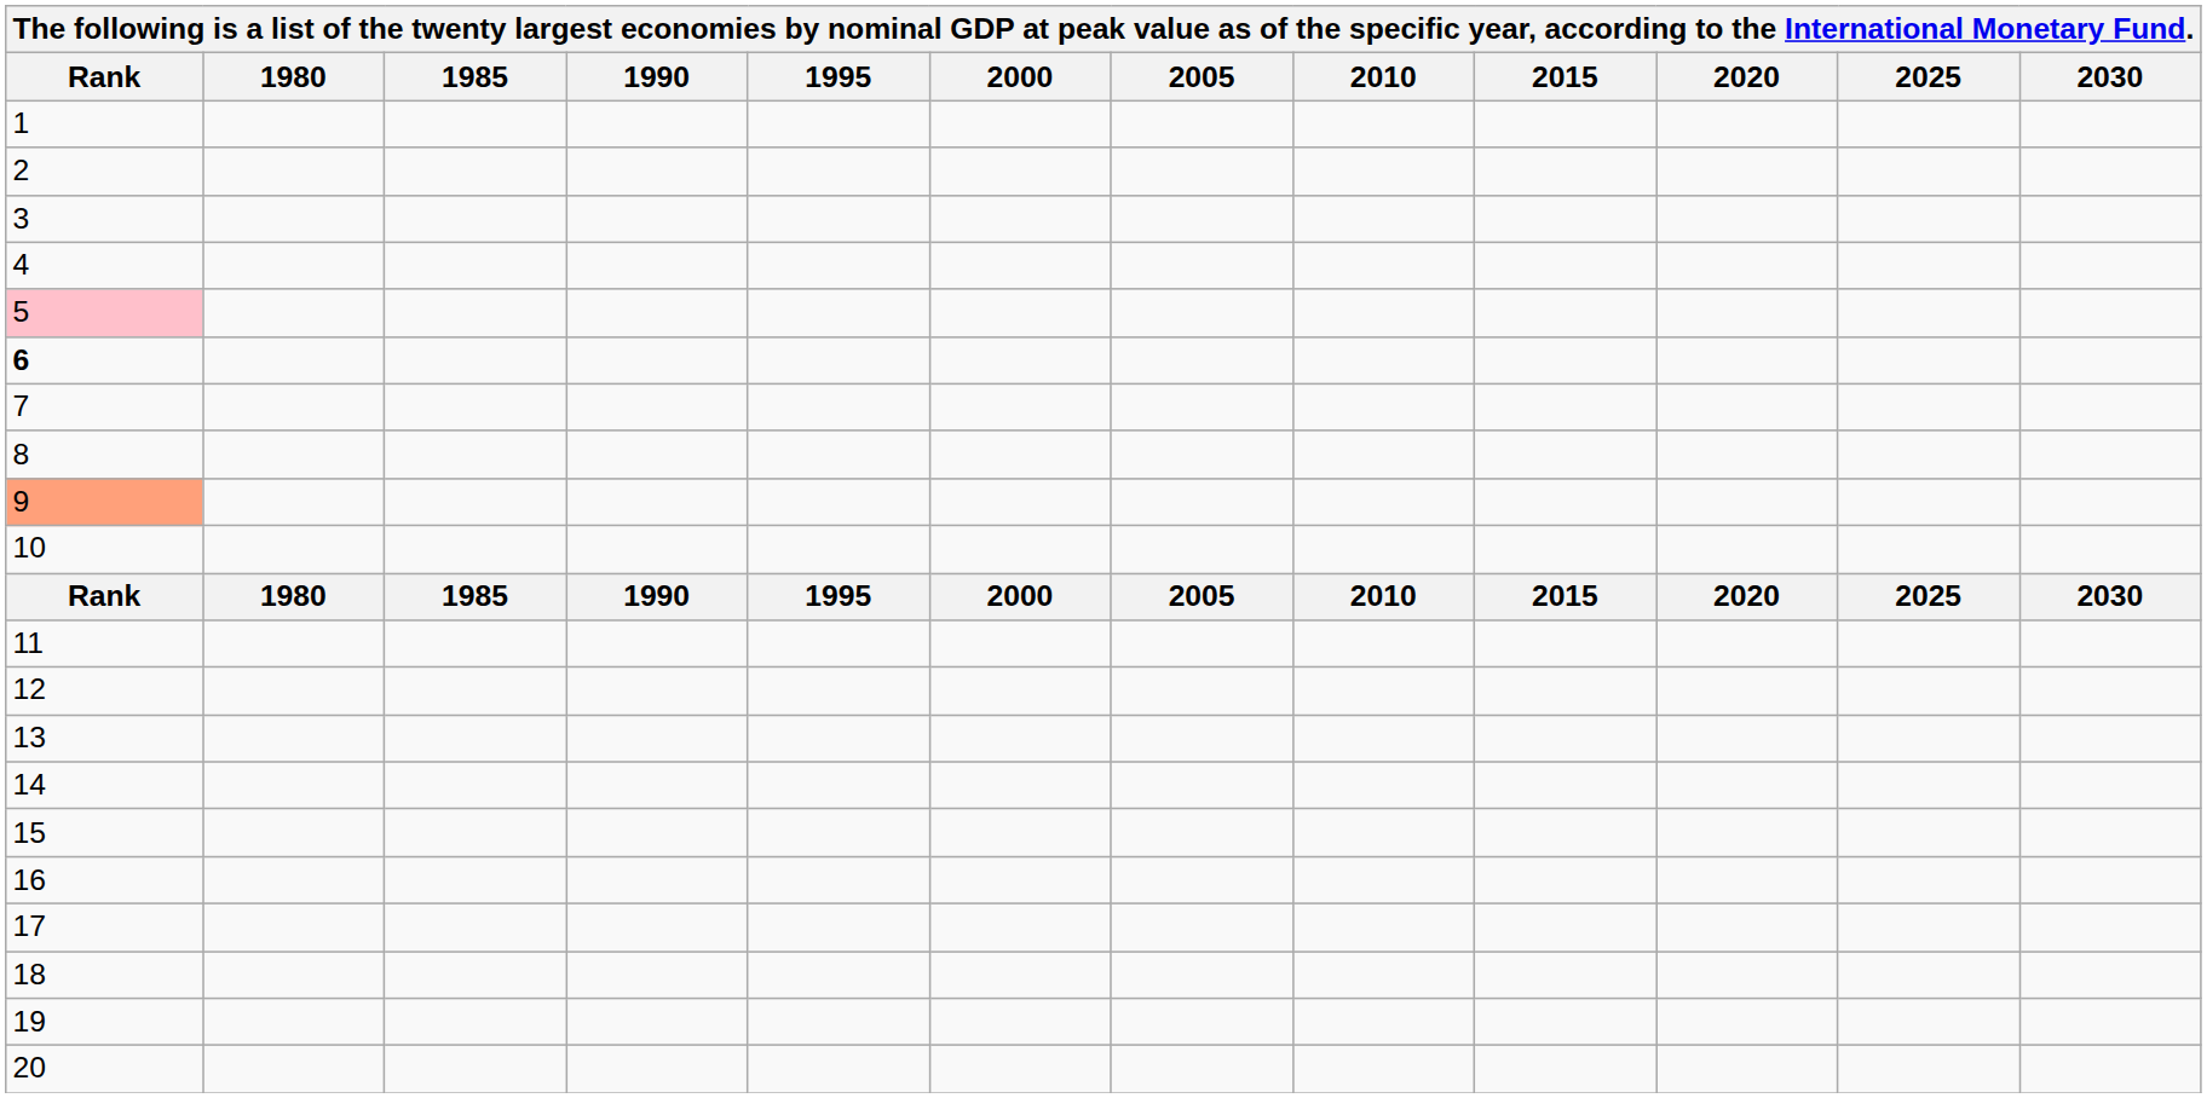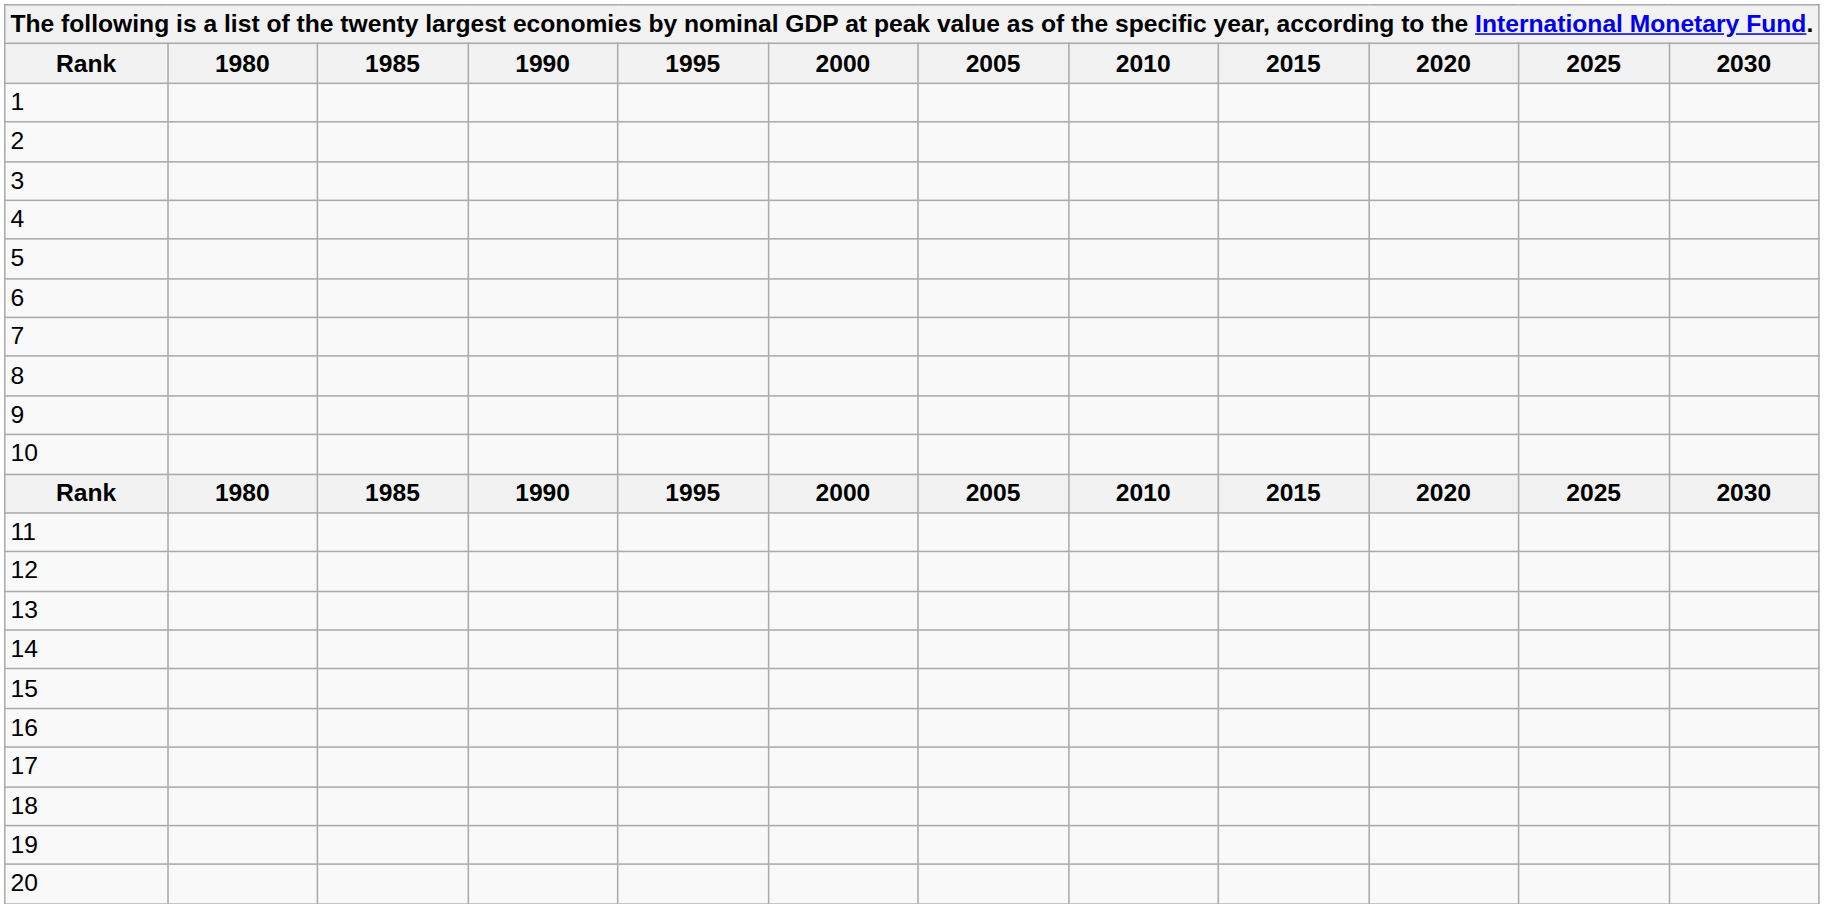 <table class="wikitable mw-collapsible ">
 <tr>
 <th style="text-align:center;" colspan="12">The following is a list of the twenty largest economies by nominal GDP at peak value as of the specific year, according to the <a href='#'>International Monetary Fund</a>.</th>
 </tr>
 <tr>
 <th>Rank</th>
 <th>1980</th>
 <th>1985</th>
 <th>1990</th>
 <th>1995</th>
 <th>2000</th>
 <th>2005</th>
 <th>2010</th>
 <th>2015</th>
 <th>2020</th>
 <th>2025</th>
 <th>2030</th>
 </tr>
 <tr>
 <td>1</td>
 <td></td>
 <td></td>
 <td></td>
 <td></td>
 <td></td>
 <td></td>
 <td></td>
 <td></td>
 <td></td>
 <td></td>
 <td></td>
 </tr>
 <tr>
 <td>2</td>
 <td></td>
 <td></td>
 <td></td>
 <td></td>
 <td></td>
 <td></td>
 <td></td>
 <td></td>
 <td></td>
 <td></td>
 <td></td>
 </tr>
 <tr>
 <td>3</td>
 <td></td>
 <td></td>
 <td></td>
 <td></td>
 <td></td>
 <td></td>
 <td></td>
 <td></td>
 <td></td>
 <td></td>
 <td></td>
 </tr>
 <tr>
 <td>4</td>
 <td></td>
 <td></td>
 <td></td>
 <td></td>
 <td></td>
 <td></td>
 <td></td>
 <td></td>
 <td></td>
 <td></td>
 <td></td>
 </tr>
 <tr>
-<td style="background: pink;">5</td>
+<td>5</td>
 <td></td>
 <td></td>
 <td></td>
 <td></td>
 <td></td>
 <td></td>
 <td></td>
 <td></td>
 <td></td>
 <td></td>
 <td></td>
 </tr>
 <tr>
-<td><strong>6</strong></td>
+<td>6</td>
 <td></td>
 <td></td>
 <td></td>
 <td></td>
 <td></td>
 <td></td>
 <td></td>
 <td></td>
 <td></td>
 <td></td>
 <td></td>
 </tr>
 <tr>
 <td>7</td>
 <td></td>
 <td></td>
 <td></td>
 <td></td>
 <td></td>
 <td></td>
 <td></td>
 <td></td>
 <td></td>
 <td></td>
 <td></td>
 </tr>
 <tr>
 <td>8</td>
 <td></td>
 <td></td>
 <td></td>
 <td></td>
 <td></td>
 <td></td>
 <td></td>
 <td></td>
 <td></td>
 <td></td>
 <td></td>
 </tr>
 <tr>
-<td style="background: lightsalmon;">9</td>
+<td>9</td>
 <td></td>
 <td></td>
 <td></td>
 <td></td>
 <td></td>
 <td></td>
 <td></td>
 <td></td>
 <td></td>
 <td></td>
 <td></td>
 </tr>
 <tr>
 <td>10</td>
 <td></td>
 <td></td>
 <td></td>
 <td></td>
 <td></td>
 <td></td>
 <td></td>
 <td></td>
 <td></td>
 <td></td>
 <td></td>
 </tr>
 <tr>
 <th>Rank</th>
 <th>1980</th>
 <th>1985</th>
 <th>1990</th>
 <th>1995</th>
 <th>2000</th>
 <th>2005</th>
 <th>2010</th>
 <th>2015</th>
 <th>2020</th>
 <th>2025</th>
 <th>2030</th>
 </tr>
 <tr>
 <td>11</td>
 <td></td>
 <td></td>
 <td></td>
 <td></td>
 <td></td>
 <td></td>
 <td></td>
 <td></td>
 <td></td>
 <td></td>
 <td></td>
 </tr>
 <tr>
 <td>12</td>
 <td></td>
 <td></td>
 <td></td>
 <td></td>
 <td></td>
 <td></td>
 <td></td>
 <td></td>
 <td></td>
 <td></td>
 <td></td>
 </tr>
 <tr>
 <td>13</td>
 <td></td>
 <td></td>
 <td></td>
 <td></td>
 <td></td>
 <td></td>
 <td></td>
 <td></td>
 <td></td>
 <td></td>
 <td></td>
 </tr>
 <tr>
 <td>14</td>
 <td></td>
 <td></td>
 <td></td>
 <td></td>
 <td></td>
 <td></td>
 <td></td>
 <td></td>
 <td></td>
 <td></td>
 <td></td>
 </tr>
 <tr>
 <td>15</td>
 <td></td>
 <td></td>
 <td></td>
 <td></td>
 <td></td>
 <td></td>
 <td></td>
 <td></td>
 <td></td>
 <td></td>
 <td></td>
 </tr>
 <tr>
 <td>16</td>
 <td></td>
 <td></td>
 <td></td>
 <td></td>
 <td></td>
 <td></td>
 <td></td>
 <td></td>
 <td></td>
 <td></td>
 <td></td>
 </tr>
 <tr>
 <td>17</td>
 <td></td>
 <td></td>
 <td></td>
 <td></td>
 <td></td>
 <td></td>
 <td></td>
 <td></td>
 <td></td>
 <td></td>
 <td></td>
 </tr>
 <tr>
 <td>18</td>
 <td></td>
 <td></td>
 <td></td>
 <td></td>
 <td></td>
 <td></td>
 <td></td>
 <td></td>
 <td></td>
 <td></td>
 <td></td>
 </tr>
 <tr>
 <td>19</td>
 <td></td>
 <td></td>
 <td></td>
 <td></td>
 <td></td>
 <td></td>
 <td></td>
 <td></td>
 <td></td>
 <td></td>
 <td></td>
 </tr>
 <tr>
 <td>20</td>
 <td></td>
 <td></td>
 <td></td>
 <td></td>
 <td></td>
 <td></td>
 <td></td>
 <td></td>
 <td></td>
 <td></td>
 <td></td>
 </tr>
 </table>
